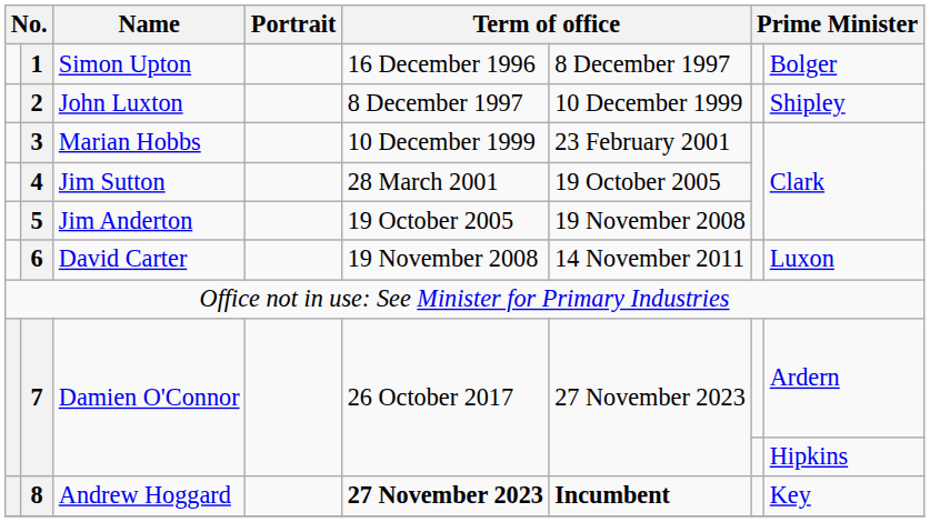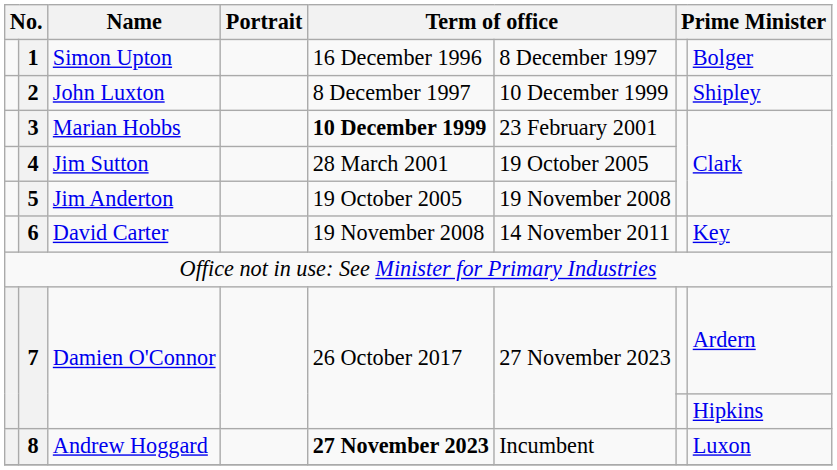 <table class="wikitable">
 <tr>
 <th colspan="2">No.</th>
 <th>Name</th>
 <th>Portrait</th>
 <th colspan="2">Term of office</th>
 <th colspan="2">Prime Minister</th>
 </tr>
 <tr>
 <td style="color:inherit;background:"></td>
 <th>1</th>
 <td><a href='#'>Simon Upton</a></td>
 <td></td>
 <td>16 December 1996</td>
 <td>8 December 1997</td>
 <td rowspan="2" style="color:inherit;background:"></td>
 <td rowspan="2"><a href='#'>Bolger</a></td>
 </tr>
 <tr>
 <td rowspan="2" style="color:inherit;background:"></td>
 <th rowspan="2">2</th>
 <td rowspan="2"><a href='#'>John Luxton</a></td>
 <td rowspan="2"></td>
 <td rowspan="2">8 December 1997</td>
 <td rowspan="2">10 December 1999</td>
 </tr>
 <tr>
 <td style="color:inherit;background:"></td>
 <td><a href='#'>Shipley</a></td>
 </tr>
 <tr>
 <td style="color:inherit;background:"></td>
 <th>3</th>
 <td><a href='#'>Marian Hobbs</a></td>
 <td></td>
-<td>10 December 1999</td>
+<td><strong>10 December 1999</strong></td>
 <td>23 February 2001</td>
 <td rowspan="3" style="color:inherit;background:"></td>
 <td rowspan="3"><a href='#'>Clark</a></td>
 </tr>
 <tr>
 <td style="color:inherit;background:"></td>
 <th>4</th>
 <td><a href='#'>Jim Sutton</a></td>
 <td></td>
 <td>28 March 2001</td>
 <td>19 October 2005</td>
 </tr>
 <tr>
 <td style="color:inherit;background:"></td>
 <th>5</th>
 <td><a href='#'>Jim Anderton</a></td>
 <td></td>
 <td>19 October 2005</td>
 <td>19 November 2008</td>
 </tr>
 <tr>
 <td style="color:inherit;background:"></td>
 <th>6</th>
 <td><a href='#'>David Carter</a></td>
 <td></td>
 <td>19 November 2008</td>
 <td>14 November 2011</td>
 <td style="color:inherit;background:"></td>
-<td><a href='#'>Luxon</a></td>
+<td><a href='#'>Key</a></td>
 </tr>
 <tr>
 <td align="center" colspan="8"><em>Office not in use: See <a href='#'>Minister for Primary Industries</a></em></td>
 </tr>
 <tr>
 <th height="70" style="border-bottom:solid 0 grey; background:"></th>
 <th rowspan="2">7</th>
 <td rowspan="2"><a href='#'>Damien O'Connor</a></td>
 <td rowspan="2"></td>
 <td rowspan="2">26 October 2017</td>
 <td rowspan="2">27 November 2023</td>
 <td style="color:inherit;background:"></td>
 <td><a href='#'>Ardern</a></td>
 </tr>
 <tr>
 <th height="15" style="border-top:solid 0 grey; background:"></th>
 <td width="1" style="color:inherit;background:"></td>
 <td><a href='#'>Hipkins</a></td>
 </tr>
 <tr>
 <th style="color:inherit;background:"></th>
 <th>8</th>
 <td><a href='#'>Andrew Hoggard</a></td>
 <td></td>
 <td><strong>27 November 2023</strong></td>
-<td><strong>Incumbent</strong></td>
+<td>Incumbent</td>
 <td style="color:inherit;background:"></td>
-<td><a href='#'>Key</a></td>
+<td><a href='#'>Luxon</a></td>
 </tr>
 <tr>
 </tr>
 </table>
